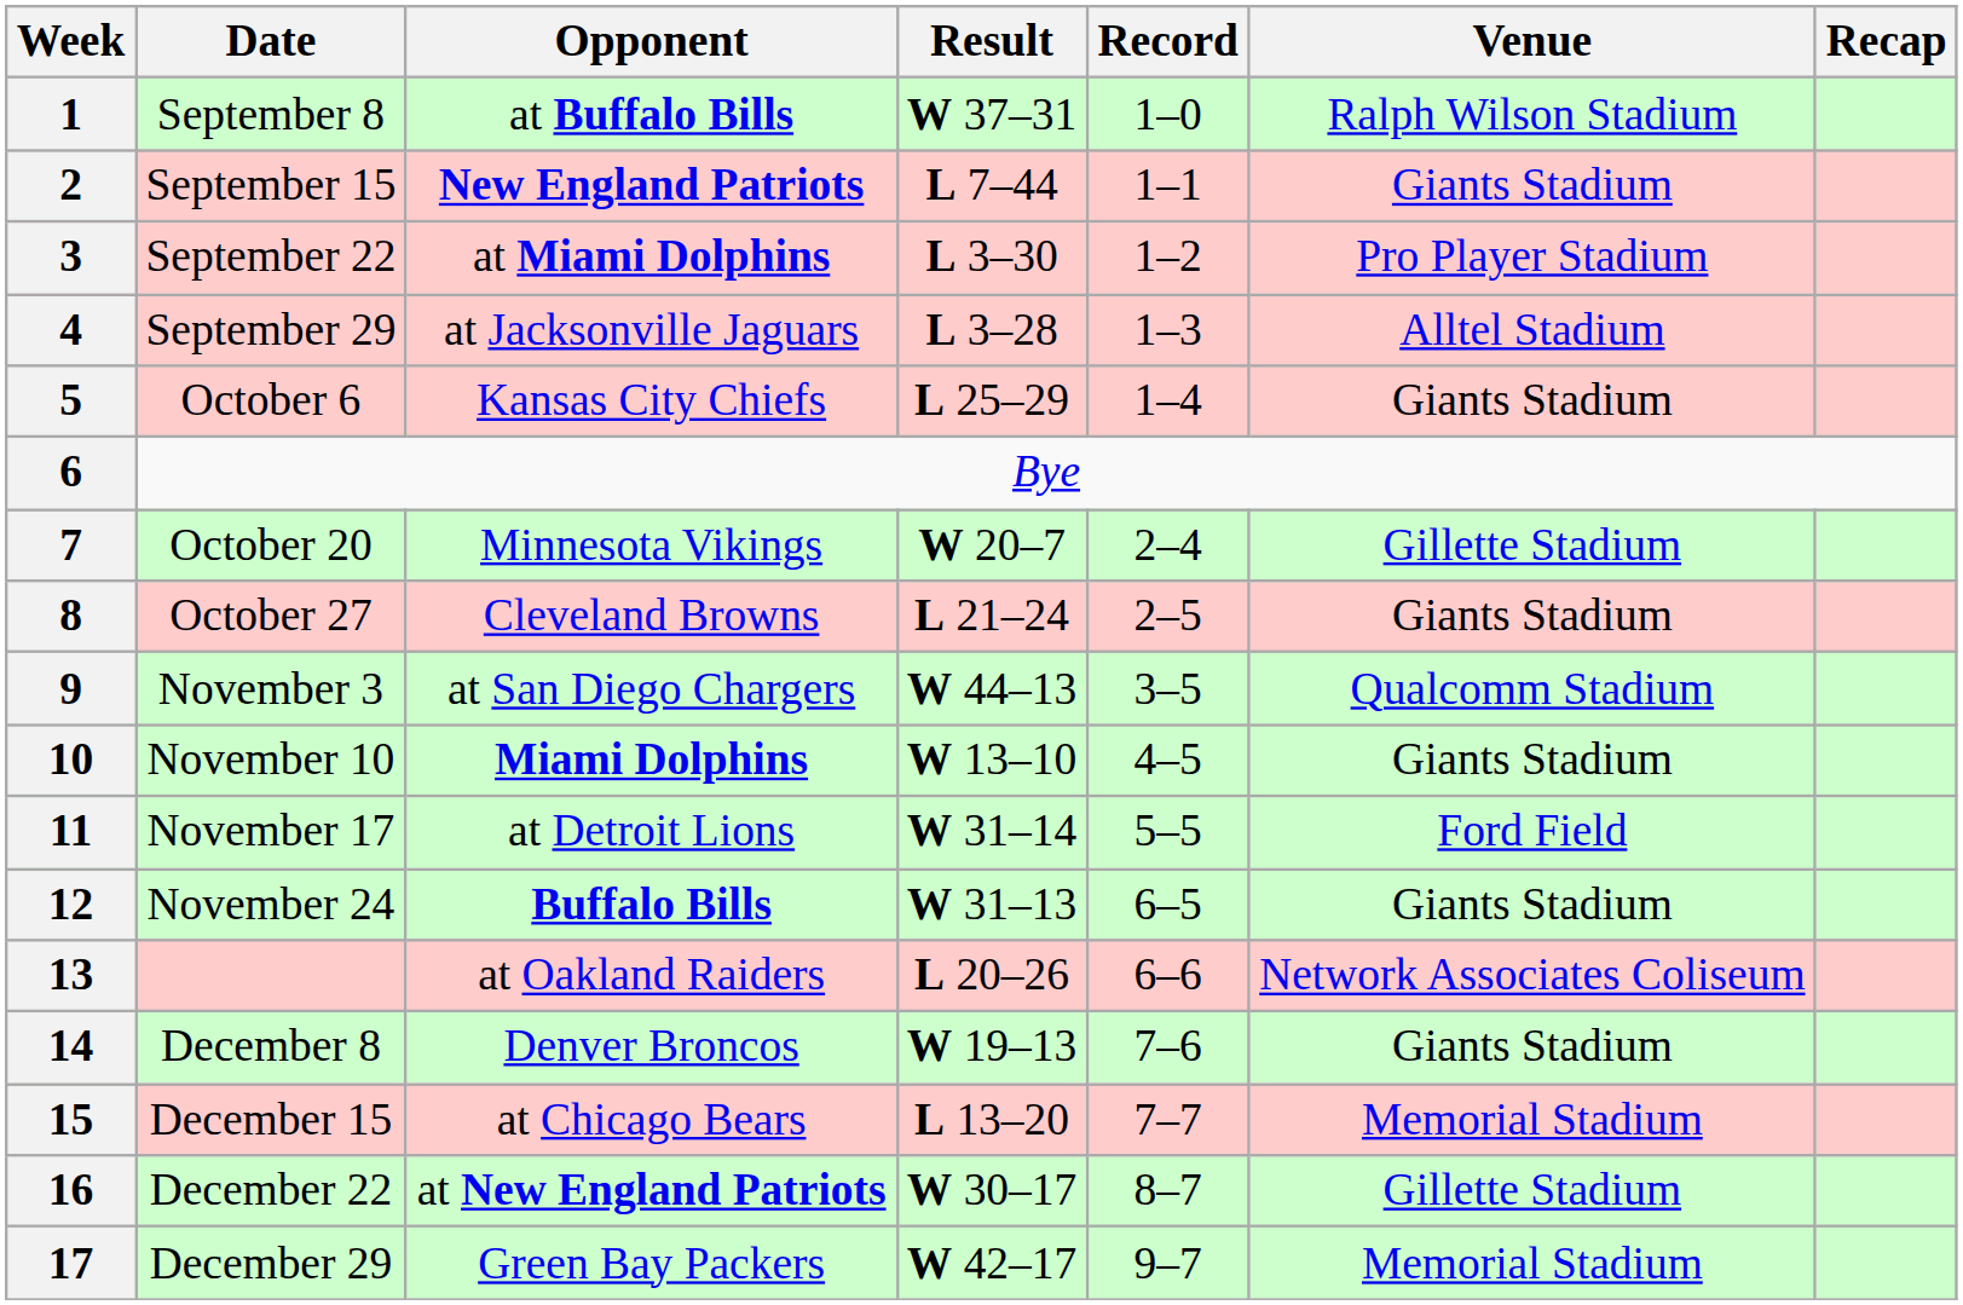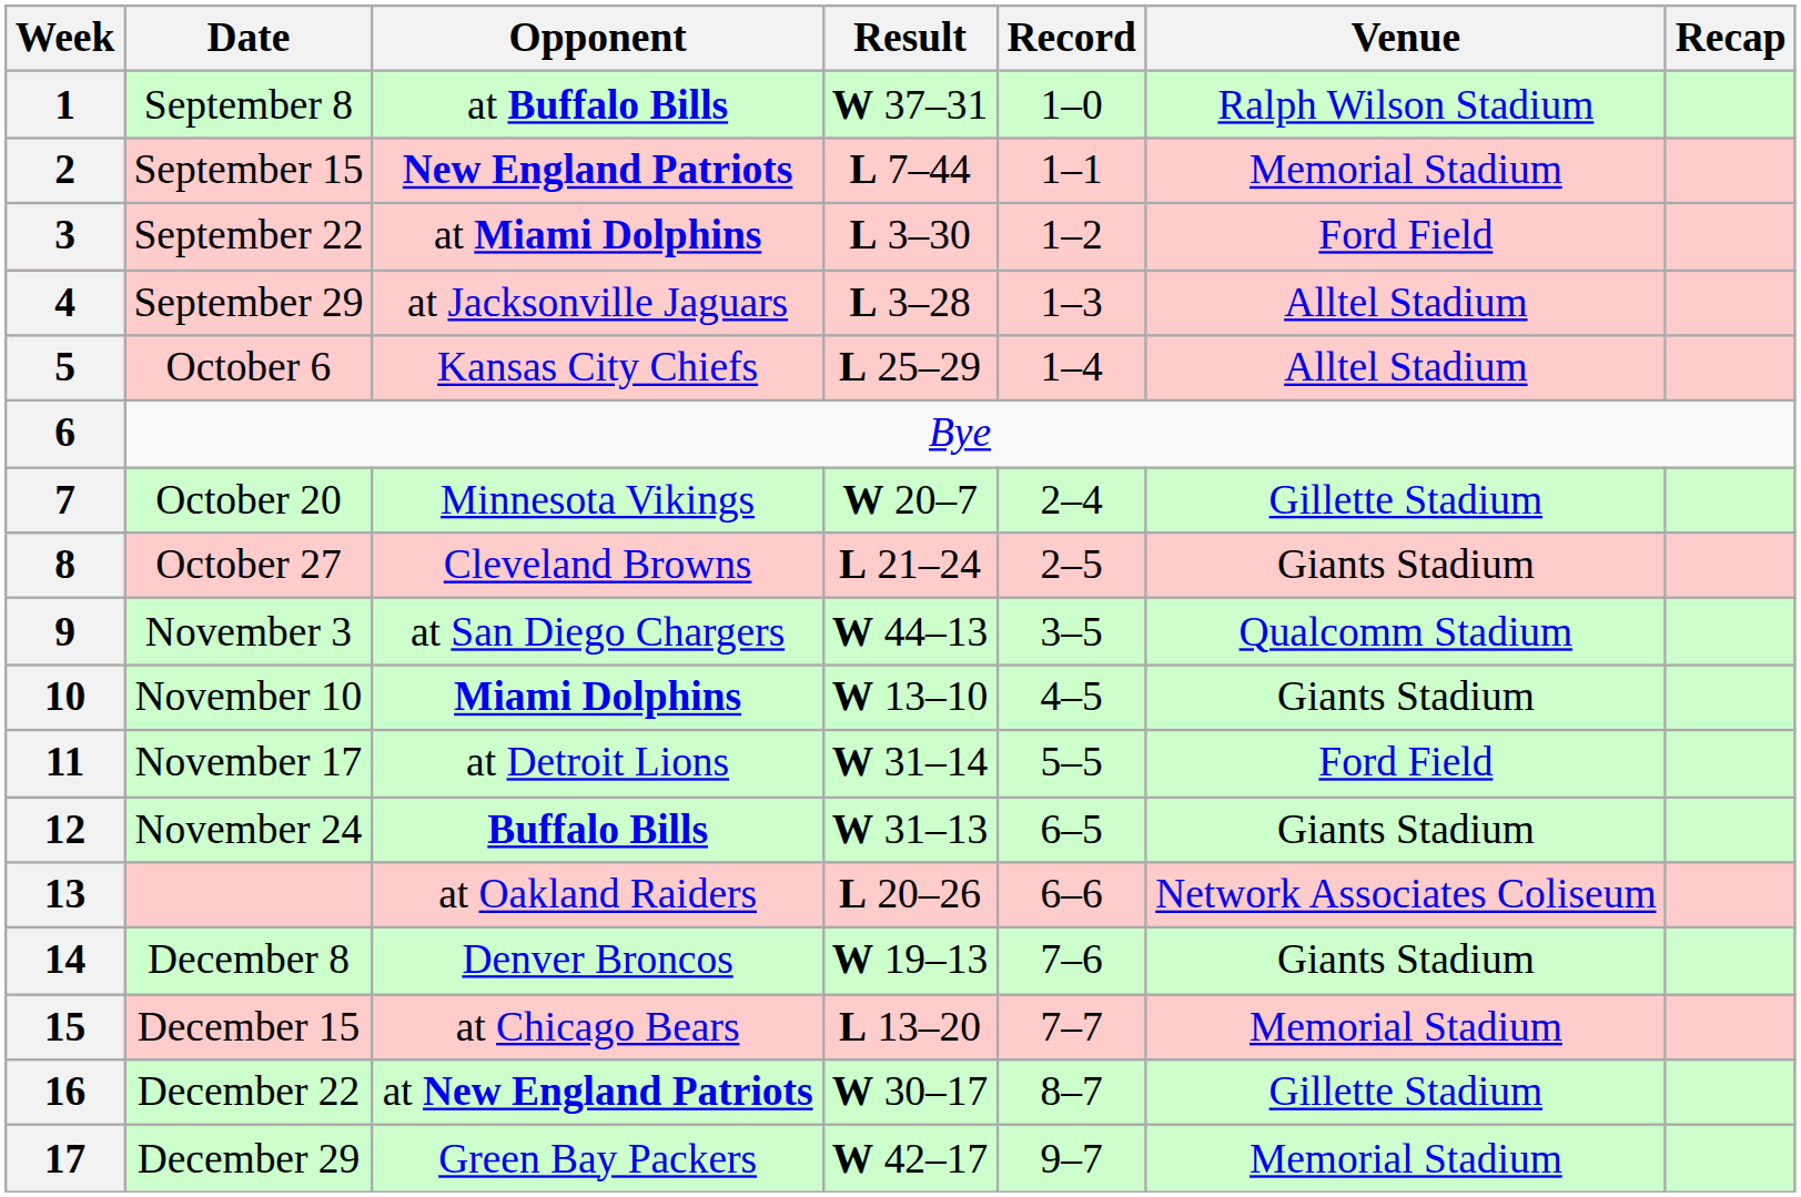 <table class="wikitable"style="text-align:center">
 <tr>
 <th>Week</th>
 <th>Date</th>
 <th>Opponent</th>
 <th>Result</th>
 <th>Record</th>
 <th>Venue</th>
 <th>Recap</th>
 </tr>
 <tr style="background:#cfc">
 <th>1</th>
 <td>September 8</td>
 <td>at <strong><a href='#'>Buffalo Bills</a></strong></td>
 <td><strong>W</strong> 37–31 </td>
 <td>1–0</td>
 <td><a href='#'>Ralph Wilson Stadium</a></td>
 <td></td>
 </tr>
 <tr style="background:#fcc">
 <th>2</th>
 <td>September 15</td>
 <td><strong><a href='#'>New England Patriots</a></strong></td>
 <td><strong>L</strong> 7–44</td>
 <td>1–1</td>
-<td><a href='#'>Giants Stadium</a></td>
+<td><a href='#'>Memorial Stadium</a></td>
 <td></td>
 </tr>
 <tr style="background:#fcc">
 <th>3</th>
 <td>September 22</td>
 <td>at <strong><a href='#'>Miami Dolphins</a></strong></td>
 <td><strong>L</strong> 3–30</td>
 <td>1–2</td>
-<td><a href='#'>Pro Player Stadium</a></td>
+<td><a href='#'>Ford Field</a></td>
 <td></td>
 </tr>
 <tr style="background:#fcc">
 <th>4</th>
 <td>September 29</td>
 <td>at <a href='#'>Jacksonville Jaguars</a></td>
 <td><strong>L</strong> 3–28</td>
 <td>1–3</td>
 <td><a href='#'>Alltel Stadium</a></td>
 <td></td>
 </tr>
 <tr style="background:#fcc">
 <th>5</th>
 <td>October 6</td>
 <td><a href='#'>Kansas City Chiefs</a></td>
 <td><strong>L</strong> 25–29</td>
 <td>1–4</td>
-<td>Giants Stadium</td>
+<td><a href='#'>Alltel Stadium</a></td>
 <td></td>
 </tr>
 <tr>
 <th>6</th>
 <td colspan="6"><em><a href='#'>Bye</a></em></td>
 </tr>
 <tr style="background:#cfc">
 <th>7</th>
 <td>October 20</td>
 <td><a href='#'>Minnesota Vikings</a></td>
 <td><strong>W</strong> 20–7</td>
 <td>2–4</td>
 <td><a href='#'>Gillette Stadium</a></td>
 <td></td>
 </tr>
 <tr style="background:#fcc">
 <th>8</th>
 <td>October 27</td>
 <td><a href='#'>Cleveland Browns</a></td>
 <td><strong>L</strong> 21–24</td>
 <td>2–5</td>
 <td>Giants Stadium</td>
 <td></td>
 </tr>
 <tr style="background:#cfc">
 <th>9</th>
 <td>November 3</td>
 <td>at <a href='#'>San Diego Chargers</a></td>
 <td><strong>W</strong> 44–13</td>
 <td>3–5</td>
 <td><a href='#'>Qualcomm Stadium</a></td>
 <td></td>
 </tr>
 <tr style="background:#cfc">
 <th>10</th>
 <td>November 10</td>
 <td><strong><a href='#'>Miami Dolphins</a></strong></td>
 <td><strong>W</strong> 13–10</td>
 <td>4–5</td>
 <td>Giants Stadium</td>
 <td></td>
 </tr>
 <tr style="background:#cfc">
 <th>11</th>
 <td>November 17</td>
 <td>at <a href='#'>Detroit Lions</a></td>
 <td><strong>W</strong> 31–14</td>
 <td>5–5</td>
 <td><a href='#'>Ford Field</a></td>
 <td></td>
 </tr>
 <tr style="background:#cfc">
 <th>12</th>
 <td>November 24</td>
 <td><strong><a href='#'>Buffalo Bills</a></strong></td>
 <td><strong>W</strong> 31–13</td>
 <td>6–5</td>
 <td>Giants Stadium</td>
 <td></td>
 </tr>
 <tr style="background:#fcc">
 <th>13</th>
 <td></td>
 <td>at <a href='#'>Oakland Raiders</a></td>
 <td><strong>L</strong> 20–26</td>
 <td>6–6</td>
 <td><a href='#'>Network Associates Coliseum</a></td>
 <td></td>
 </tr>
 <tr style="background:#cfc">
 <th>14</th>
 <td>December 8</td>
 <td><a href='#'>Denver Broncos</a></td>
 <td><strong>W</strong> 19–13</td>
 <td>7–6</td>
 <td>Giants Stadium</td>
 <td></td>
 </tr>
 <tr style="background:#fcc">
 <th>15</th>
 <td>December 15</td>
 <td>at <a href='#'>Chicago Bears</a></td>
 <td><strong>L</strong> 13–20</td>
 <td>7–7</td>
 <td><a href='#'>Memorial Stadium</a></td>
 <td></td>
 </tr>
 <tr style="background:#cfc">
 <th>16</th>
 <td>December 22</td>
 <td>at <strong><a href='#'>New England Patriots</a></strong></td>
 <td><strong>W</strong> 30–17</td>
 <td>8–7</td>
 <td><a href='#'>Gillette Stadium</a></td>
 <td></td>
 </tr>
 <tr style="background:#cfc">
 <th>17</th>
 <td>December 29</td>
 <td><a href='#'>Green Bay Packers</a></td>
 <td><strong>W</strong> 42–17</td>
 <td>9–7</td>
 <td><a href='#'>Memorial Stadium</a></td>
 <td></td>
 </tr>
 </table>
